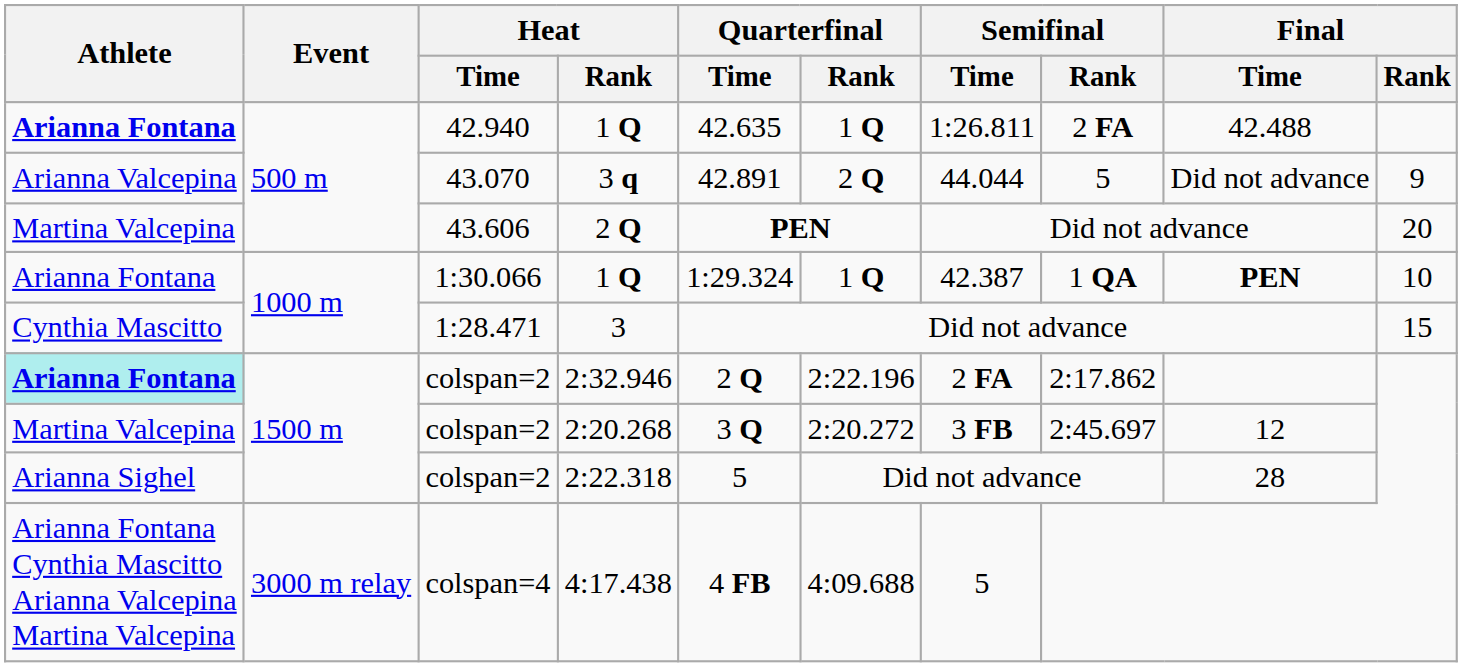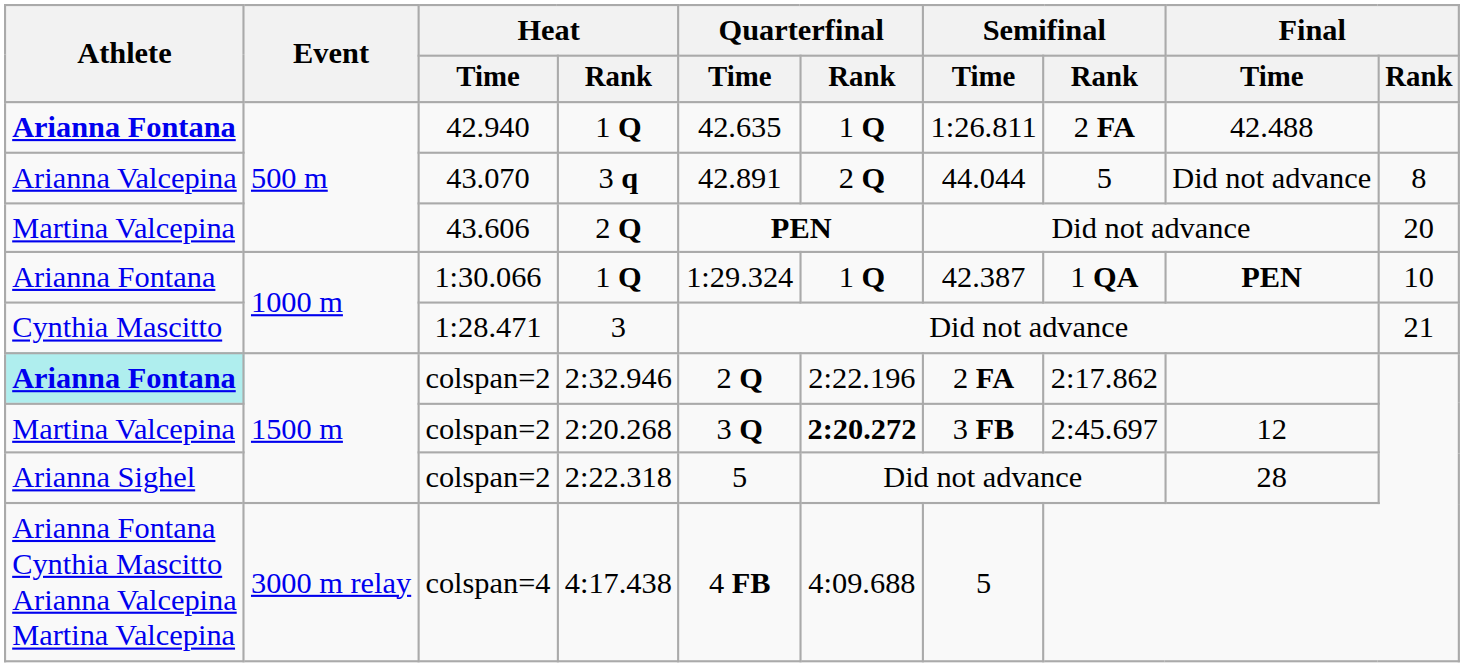 <table class=wikitable style="font-size:90%; text-align:center">
 <tr>
 <th rowspan=2>Athlete</th>
 <th rowspan=2>Event</th>
 <th colspan=2>Heat</th>
 <th colspan=2>Quarterfinal</th>
 <th colspan=2>Semifinal</th>
 <th colspan=2>Final</th>
 </tr>
 <tr style=font-size:95%>
 <th>Time</th>
 <th>Rank</th>
 <th>Time</th>
 <th>Rank</th>
 <th>Time</th>
 <th>Rank</th>
 <th>Time</th>
 <th>Rank</th>
 </tr>
 <tr>
 <td align=left><strong><a href='#'>Arianna Fontana</a></strong></td>
 <td align=left rowspan=3><a href='#'>500 m</a></td>
 <td>42.940</td>
 <td>1 <strong>Q</strong></td>
 <td>42.635</td>
 <td>1 <strong>Q</strong></td>
 <td>1:26.811</td>
 <td>2 <strong>FA</strong></td>
 <td>42.488</td>
 <td></td>
 </tr>
 <tr>
 <td align=left><a href='#'>Arianna Valcepina</a></td>
 <td>43.070</td>
 <td>3 <strong>q</strong></td>
 <td>42.891</td>
 <td>2 <strong>Q</strong></td>
 <td>44.044</td>
 <td>5</td>
 <td>Did not advance</td>
-<td>9</td>
+<td>8</td>
 </tr>
 <tr>
 <td align=left><a href='#'>Martina Valcepina</a></td>
 <td>43.606</td>
 <td>2 <strong>Q</strong></td>
 <td colspan=2><strong>PEN</strong></td>
 <td colspan=3>Did not advance</td>
 <td>20</td>
 </tr>
 <tr>
 <td align=left><a href='#'>Arianna Fontana</a></td>
 <td align=left rowspan=2><a href='#'>1000 m</a></td>
 <td>1:30.066</td>
 <td>1 <strong>Q</strong></td>
 <td>1:29.324</td>
 <td>1 <strong>Q</strong></td>
 <td>42.387</td>
 <td>1 <strong>QA</strong></td>
 <td><strong>PEN</strong></td>
 <td>10</td>
 </tr>
 <tr>
 <td align=left><a href='#'>Cynthia Mascitto</a></td>
 <td>1:28.471</td>
 <td>3</td>
 <td colspan=5>Did not advance</td>
-<td>15</td>
+<td>21</td>
 </tr>
 <tr>
 <td align=left style="background: paleturquoise;"><strong><a href='#'>Arianna Fontana</a></strong></td>
 <td align=left rowspan=3><a href='#'>1500 m</a></td>
 <td>colspan=2 </td>
 <td>2:32.946</td>
 <td>2 <strong>Q</strong></td>
 <td>2:22.196</td>
 <td>2 <strong>FA</strong></td>
 <td>2:17.862</td>
 <td></td>
 </tr>
 <tr>
 <td align=left><a href='#'>Martina Valcepina</a></td>
 <td>colspan=2 </td>
 <td>2:20.268</td>
 <td>3 <strong>Q</strong></td>
-<td>2:20.272</td>
+<td><strong>2:20.272</strong></td>
 <td>3 <strong>FB</strong></td>
 <td>2:45.697</td>
 <td>12</td>
 </tr>
 <tr>
 <td align=left><a href='#'>Arianna Sighel</a></td>
 <td>colspan=2 </td>
 <td>2:22.318</td>
 <td>5</td>
 <td colspan=3>Did not advance</td>
 <td>28</td>
 </tr>
 <tr>
 <td align=left><a href='#'>Arianna Fontana</a><br><a href='#'>Cynthia Mascitto</a><br><a href='#'>Arianna Valcepina</a><br><a href='#'>Martina Valcepina</a></td>
 <td align=left><a href='#'>3000 m relay</a></td>
 <td>colspan=4 </td>
 <td>4:17.438</td>
 <td>4 <strong>FB</strong></td>
 <td>4:09.688</td>
 <td>5</td>
 </tr>
 </table>
